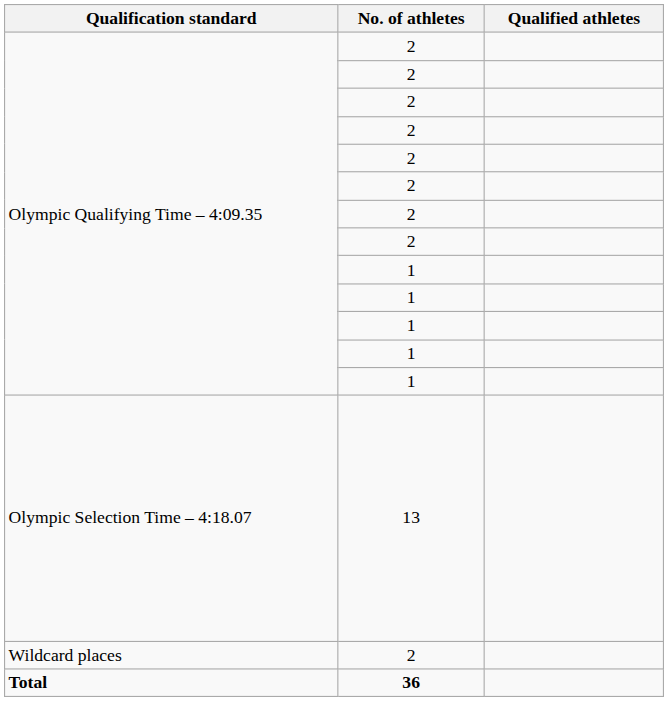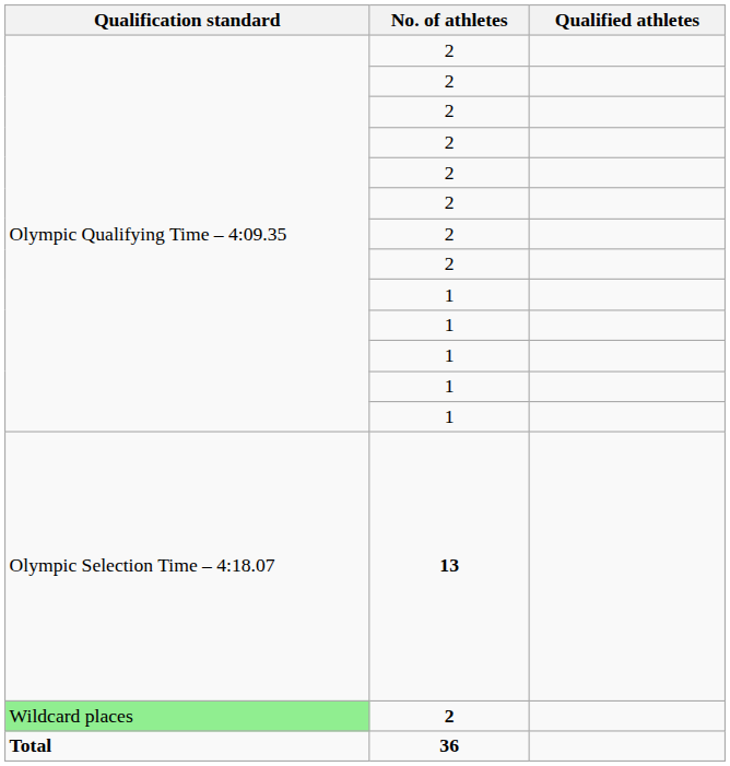 <table class=wikitable style="text-align:left" width=600>
 <tr>
 <th>Qualification standard</th>
 <th>No. of athletes</th>
 <th>Qualified athletes</th>
 </tr>
 <tr>
 <td rowspan="13">Olympic Qualifying Time – 4:09.35</td>
 <td align=center>2</td>
 <td><br></td>
 </tr>
 <tr>
 <td align=center>2</td>
 <td><br></td>
 </tr>
 <tr>
 <td align=center>2</td>
 <td><br></td>
 </tr>
 <tr>
 <td align=center>2</td>
 <td><br></td>
 </tr>
 <tr>
 <td align=center>2</td>
 <td><br></td>
 </tr>
 <tr>
 <td align=center>2</td>
 <td><br></td>
 </tr>
 <tr>
 <td align=center>2</td>
 <td><br></td>
 </tr>
 <tr>
 <td align=center>2</td>
 <td><br></td>
 </tr>
 <tr>
 <td align=center>1</td>
 <td></td>
 </tr>
 <tr>
 <td align=center>1</td>
 <td></td>
 </tr>
 <tr>
 <td align=center>1</td>
 <td></td>
 </tr>
 <tr>
 <td align=center>1</td>
 <td></td>
 </tr>
 <tr>
 <td align=center>1</td>
 <td></td>
 </tr>
 <tr>
 <td rowspan="1">Olympic Selection Time – 4:18.07</td>
-<td align=center>13</td>
+<td align=center><strong>13</strong></td>
 <td> <br> <br>  <br>  <br>  <br>    <br>  <br>   <br> <br> <br> <br> <br> </td>
 </tr>
 <tr>
-<td rowspan="1">Wildcard places</td>
-<td align=center>2</td>
+<td rowspan="1" style="background: lightgreen;">Wildcard places</td>
+<td align=center><strong>2</strong></td>
 <td><br></td>
 </tr>
 <tr>
 <td><strong>Total</strong></td>
 <td align=center><strong>36</strong></td>
 <td></td>
 </tr>
 </table>
